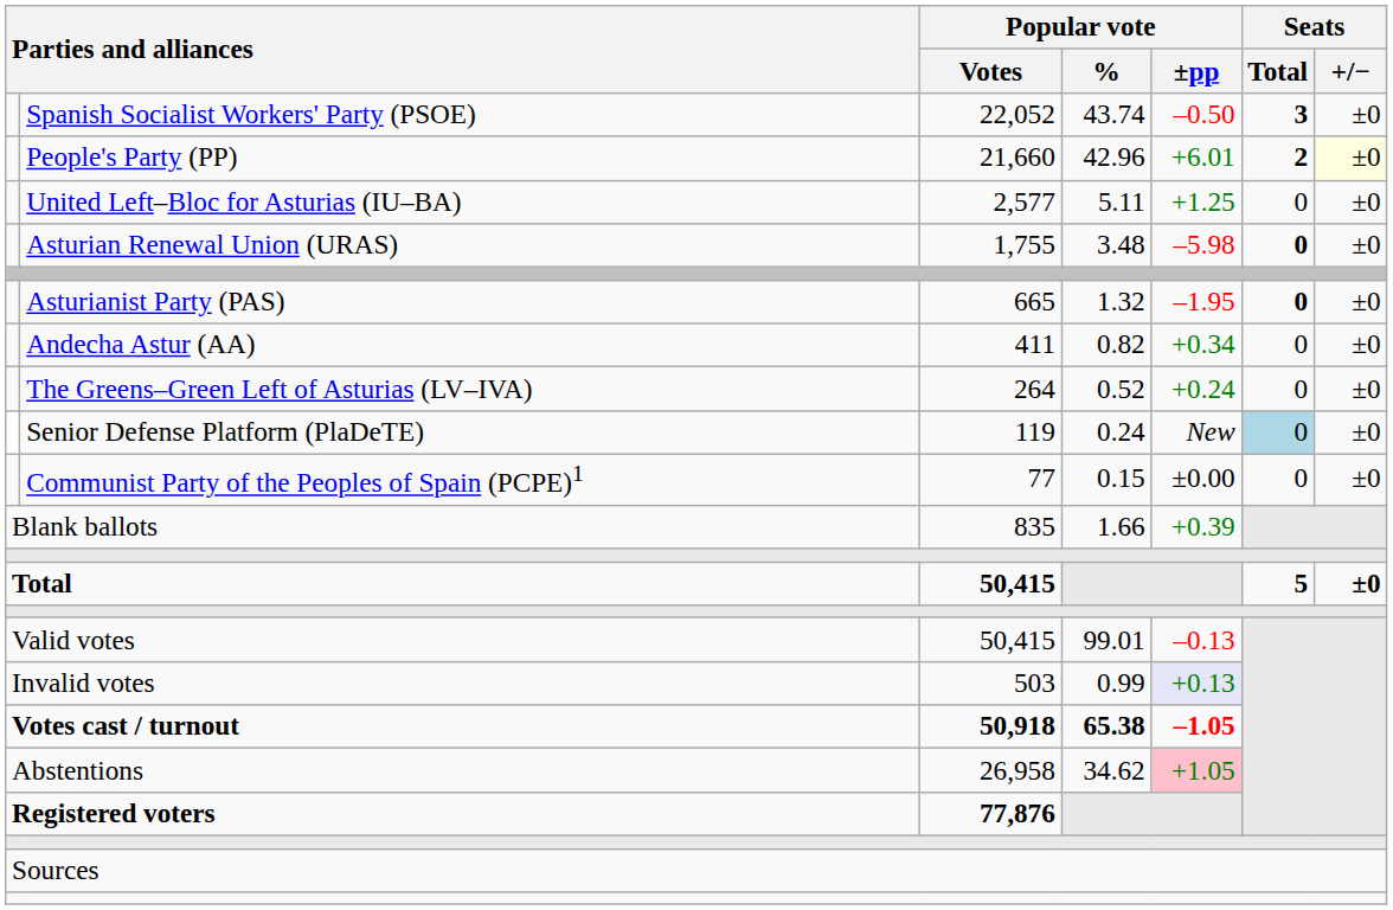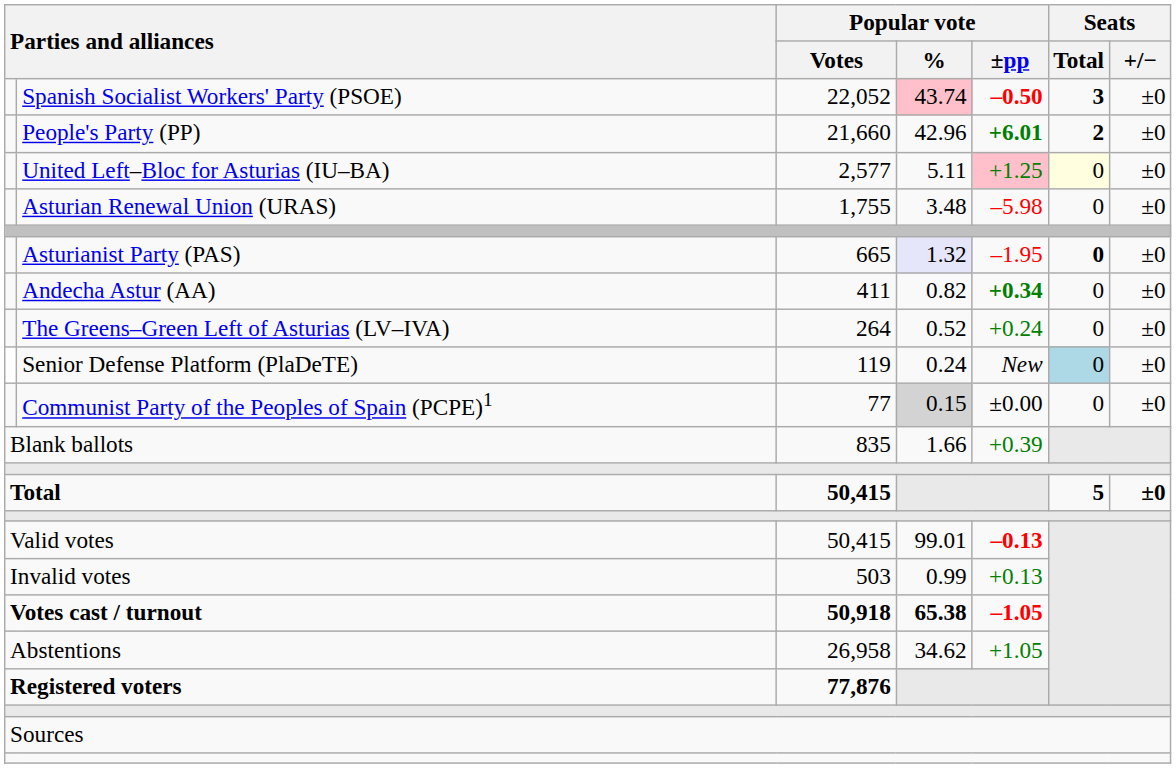 <table class="wikitable" style="text-align:right;">
 <tr>
 <th style="text-align:left;" rowspan="2" colspan="2" width="525">Parties and alliances</th>
 <th colspan="3">Popular vote</th>
 <th colspan="2">Seats</th>
 </tr>
 <tr>
 <th width="75">Votes</th>
 <th width="45">%</th>
 <th width="45">±<a href='#'>pp</a></th>
 <th width="35">Total</th>
 <th width="35">+/−</th>
 </tr>
 <tr>
 <td width="1" style="color:inherit;background:"></td>
 <td align="left"><a href='#'>Spanish Socialist Workers' Party</a> (PSOE)</td>
 <td>22,052</td>
-<td>43.74</td>
-<td style="color:red;">–0.50</td>
+<td style="background: pink;">43.74</td>
+<td style="color:red;"><strong>–0.50</strong></td>
 <td><strong>3</strong></td>
 <td>±0</td>
 </tr>
 <tr>
 <td style="color:inherit;background:"></td>
 <td align="left"><a href='#'>People's Party</a> (PP)</td>
 <td>21,660</td>
 <td>42.96</td>
-<td style="color:green;">+6.01</td>
+<td style="color:green;"><strong>+6.01</strong></td>
 <td><strong>2</strong></td>
-<td style="background: lightyellow;">±0</td>
+<td>±0</td>
 </tr>
 <tr>
 <td style="color:inherit;background:"></td>
 <td align="left"><a href='#'>United Left</a>–<a href='#'>Bloc for Asturias</a> (IU–BA)</td>
 <td>2,577</td>
 <td>5.11</td>
-<td style="color:green;">+1.25</td>
-<td>0</td>
+<td style="background: pink; color:green;">+1.25</td>
+<td style="background: lightyellow;">0</td>
 <td>±0</td>
 </tr>
 <tr>
 <td style="color:inherit;background:"></td>
 <td align="left"><a href='#'>Asturian Renewal Union</a> (URAS)</td>
 <td>1,755</td>
 <td>3.48</td>
 <td style="color:red;">–5.98</td>
-<td><strong>0</strong></td>
+<td>0</td>
 <td>±0</td>
 </tr>
 <tr>
 <td colspan="7" bgcolor="#C0C0C0"></td>
 </tr>
 <tr>
 <td style="color:inherit;background:"></td>
 <td align="left"><a href='#'>Asturianist Party</a> (PAS)</td>
 <td>665</td>
-<td>1.32</td>
+<td style="background: lavender;">1.32</td>
 <td style="color:red;">–1.95</td>
 <td><strong>0</strong></td>
 <td>±0</td>
 </tr>
 <tr>
 <td style="color:inherit;background:"></td>
 <td align="left"><a href='#'>Andecha Astur</a> (AA)</td>
 <td>411</td>
 <td>0.82</td>
-<td style="color:green;">+0.34</td>
+<td style="color:green;"><strong>+0.34</strong></td>
 <td>0</td>
 <td>±0</td>
 </tr>
 <tr>
 <td style="color:inherit;background:"></td>
 <td align="left"><a href='#'>The Greens–Green Left of Asturias</a> (LV–IVA)</td>
 <td>264</td>
 <td>0.52</td>
 <td style="color:green;">+0.24</td>
 <td>0</td>
 <td>±0</td>
 </tr>
 <tr>
 <td bgcolor="white"></td>
 <td align="left">Senior Defense Platform (PlaDeTE)</td>
 <td>119</td>
 <td>0.24</td>
 <td><em>New</em></td>
 <td style="background: lightblue;">0</td>
 <td>±0</td>
 </tr>
 <tr>
 <td style="color:inherit;background:"></td>
 <td align="left"><a href='#'>Communist Party of the Peoples of Spain</a> (PCPE)<sup>1</sup></td>
 <td>77</td>
-<td>0.15</td>
+<td style="background: lightgrey;">0.15</td>
 <td>±0.00</td>
 <td>0</td>
 <td>±0</td>
 </tr>
 <tr>
 <td align="left" colspan="2">Blank ballots</td>
 <td>835</td>
 <td>1.66</td>
 <td style="color:green;">+0.39</td>
 <td bgcolor="#E9E9E9" colspan="2"></td>
 </tr>
 <tr>
 <td colspan="7" bgcolor="#E9E9E9"></td>
 </tr>
 <tr style="font-weight:bold;">
 <td align="left" colspan="2">Total</td>
 <td>50,415</td>
 <td bgcolor="#E9E9E9" colspan="2"></td>
 <td>5</td>
 <td>±0</td>
 </tr>
 <tr>
 <td colspan="7" bgcolor="#E9E9E9"></td>
 </tr>
 <tr>
 <td align="left" colspan="2">Valid votes</td>
 <td>50,415</td>
 <td>99.01</td>
-<td style="color:red;">–0.13</td>
+<td style="color:red;"><strong>–0.13</strong></td>
 <td bgcolor="#E9E9E9" colspan="2" rowspan="5"></td>
 </tr>
 <tr>
 <td align="left" colspan="2">Invalid votes</td>
 <td>503</td>
 <td>0.99</td>
-<td style="background: lavender; color:green;">+0.13</td>
+<td style="color:green;">+0.13</td>
 </tr>
 <tr style="font-weight:bold;">
 <td align="left" colspan="2">Votes cast / turnout</td>
 <td>50,918</td>
 <td>65.38</td>
 <td style="color:red;">–1.05</td>
 </tr>
 <tr>
 <td align="left" colspan="2">Abstentions</td>
 <td>26,958</td>
 <td>34.62</td>
-<td style="background: pink; color:green;">+1.05</td>
+<td style="color:green;">+1.05</td>
 </tr>
 <tr style="font-weight:bold;">
 <td align="left" colspan="2">Registered voters</td>
 <td>77,876</td>
 <td bgcolor="#E9E9E9" colspan="2"></td>
 </tr>
 <tr>
 <td colspan="7" bgcolor="#E9E9E9"></td>
 </tr>
 <tr>
 <td align="left" colspan="7">Sources</td>
 </tr>
 <tr>
 <td colspan="7" style="text-align:left; max-width:790px;"></td>
 </tr>
 </table>
